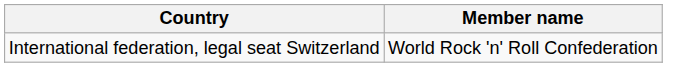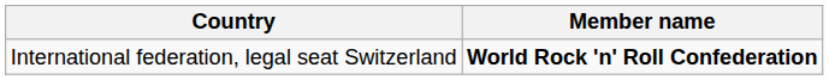 <table class="wikitable">
 <tr>
 <th>Country</th>
 <th>Member name</th>
 </tr>
 <tr>
 <td>International federation, legal seat Switzerland</td>
-<td>World Rock 'n' Roll Confederation</td>
+<td><strong>World Rock 'n' Roll Confederation</strong></td>
 </tr>
 </table>
